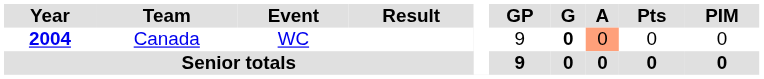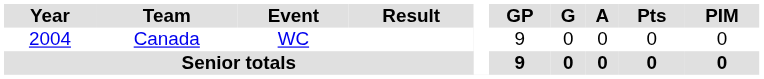 <table border="0" cellpadding="1" cellspacing="0" style="text-align:center; width:40em">
 <tr ALIGN="center" bgcolor="#e0e0e0">
 <th>Year</th>
 <th>Team</th>
 <th>Event</th>
 <th>Result</th>
 <th rowspan="99" bgcolor="#ffffff"> </th>
 <th>GP</th>
 <th>G</th>
 <th>A</th>
 <th>Pts</th>
 <th>PIM</th>
 </tr>
 <tr ALIGN="center">
-<td ALIGN="center"><strong><a href='#'>2004</a></strong></td>
+<td ALIGN="center"><a href='#'>2004</a></td>
 <td ALIGN="center"><a href='#'>Canada</a></td>
 <td ALIGN="center"><a href='#'>WC</a></td>
 <td></td>
 <td ALIGN="center">9</td>
-<td ALIGN="center"><strong>0</strong></td>
-<td ALIGN="center" style="background: lightsalmon;">0</td>
+<td ALIGN="center">0</td>
+<td ALIGN="center">0</td>
 <td ALIGN="center">0</td>
 <td ALIGN="center">0</td>
 </tr>
 <tr ALIGN="center" bgcolor="#e0e0e0">
 <th colspan="4">Senior totals</th>
 <th ALIGN="center">9</th>
 <th ALIGN="center">0</th>
 <th ALIGN="center">0</th>
 <th ALIGN="center">0</th>
 <th ALIGN="center">0</th>
 </tr>
 </table>
